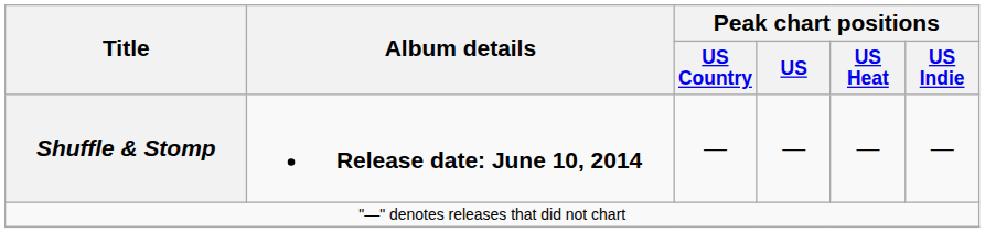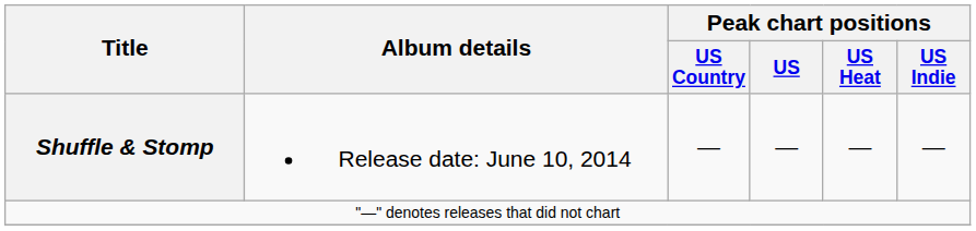 <table class="wikitable plainrowheaders" style="text-align:center;">
 <tr>
 <th rowspan="2" style="width:10em;">Title</th>
 <th rowspan="2" style="width:18em;">Album details</th>
 <th colspan="4">Peak chart positions</th>
 </tr>
 <tr style="font-size:smaller;">
 <th width="45"><a href='#'>US Country</a></th>
 <th width="45"><a href='#'>US</a></th>
 <th width="45"><a href='#'>US<br>Heat</a></th>
 <th width="45"><a href='#'>US<br>Indie</a></th>
 </tr>
 <tr>
 <th scope="row"><em>Shuffle & Stomp</em></th>
-<td><strong><br><ul><li>Release date: June 10, 2014</li></ul></strong></td>
+<td><br><ul><li>Release date: June 10, 2014</li></ul></td>
 <td>—</td>
 <td>—</td>
 <td>—</td>
 <td>—</td>
 </tr>
 <tr>
 <td — colspan="6" style="font-size:8pt">"—" denotes releases that did not chart</td>
 </tr>
 <tr>
 </tr>
 </table>
